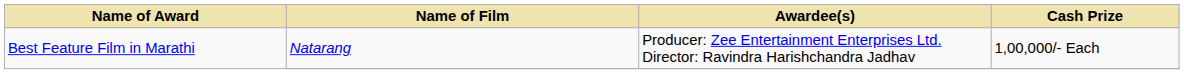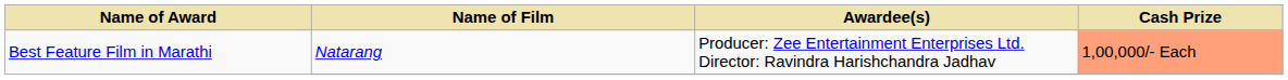 <table class="wikitable plainrowheaders" style="width:100%;">
 <tr>
 <th scope="col" style="background-color:#EFE4B0;width:24%;">Name of Award</th>
 <th scope="col" style="background-color:#EFE4B0;width:30%;">Name of Film</th>
 <th scope="col" style="background-color:#EFE4B0;width:30%;">Awardee(s)</th>
 <th scope="col" style="background-color:#EFE4B0;width:16%;">Cash Prize</th>
 </tr>
 <tr ! scope="row">
 <td rowspan="2"><a href='#'>Best Feature Film in Marathi</a></td>
 <td><em><a href='#'>Natarang</a></em></td>
 <td>Producer: <a href='#'>Zee Entertainment Enterprises Ltd.</a><br>Director: Ravindra Harishchandra Jadhav</td>
-<td> 1,00,000/- Each</td>
+<td style="background: lightsalmon;"> 1,00,000/- Each</td>
 </tr>
 <tr>
 </tr>
 </table>
